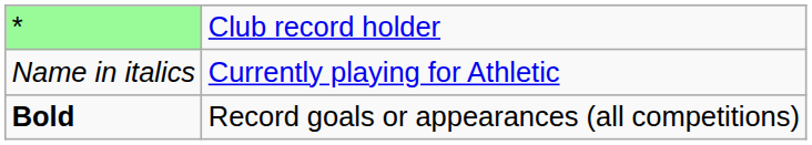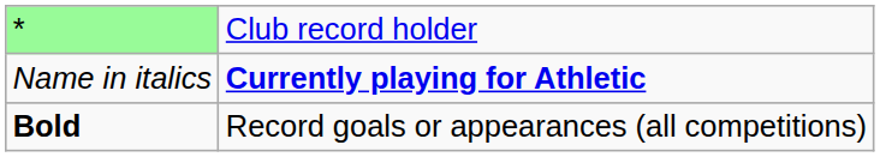 <table class="wikitable">
 <tr>
 <td style="background:#98fb98;">*</td>
 <td><a href='#'>Club record holder</a></td>
 </tr>
 <tr>
 <td><em>Name in italics</em></td>
-<td><a href='#'>Currently playing for Athletic</a></td>
+<td><strong><a href='#'>Currently playing for Athletic</a></strong></td>
 </tr>
 <tr>
 <td><strong>Bold</strong></td>
 <td>Record goals or appearances (all competitions)</td>
 </tr>
 </table>
